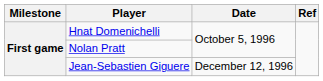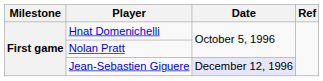 <table class="wikitable">
 <tr>
 <th scope="col">Milestone</th>
 <th scope="col">Player</th>
 <th scope="col">Date</th>
 <th scope="col">Ref</th>
 </tr>
 <tr>
 <th rowspan=3>First game</th>
 <td><a href='#'>Hnat Domenichelli</a></td>
 <td rowspan=2>October 5, 1996</td>
 <td rowspan=3></td>
 </tr>
 <tr>
 <td><a href='#'>Nolan Pratt</a></td>
 </tr>
 <tr>
 <td><a href='#'>Jean-Sebastien Giguere</a></td>
-<td>December 12, 1996</td>
+<td style="background: lavender;">December 12, 1996</td>
 </tr>
 </table>
